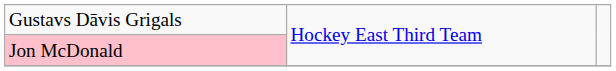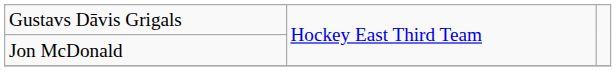 <table class="wikitable" width=40%>
 <tr>
 <td>Gustavs Dāvis Grigals</td>
 <td rowspan=2><a href='#'>Hockey East Third Team</a></td>
 <td rowspan=2></td>
 </tr>
 <tr>
-<td style="background: pink;">Jon McDonald</td>
+<td>Jon McDonald</td>
 </tr>
 <tr>
 </tr>
 </table>
